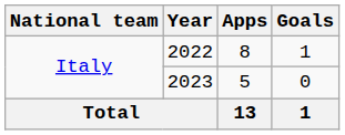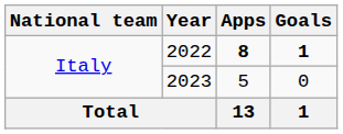 <table class="wikitable" style="text-align: center;">
 <tr>
 <th>National team</th>
 <th>Year</th>
 <th>Apps</th>
 <th>Goals</th>
 </tr>
 <tr>
 <td rowspan="2"><a href='#'>Italy</a></td>
 <td>2022</td>
-<td>8</td>
-<td>1</td>
+<td><strong>8</strong></td>
+<td><strong>1</strong></td>
 </tr>
 <tr>
 <td>2023</td>
 <td>5</td>
 <td>0</td>
 </tr>
 <tr>
 <th colspan="2">Total</th>
 <th>13</th>
 <th>1</th>
 </tr>
 </table>
